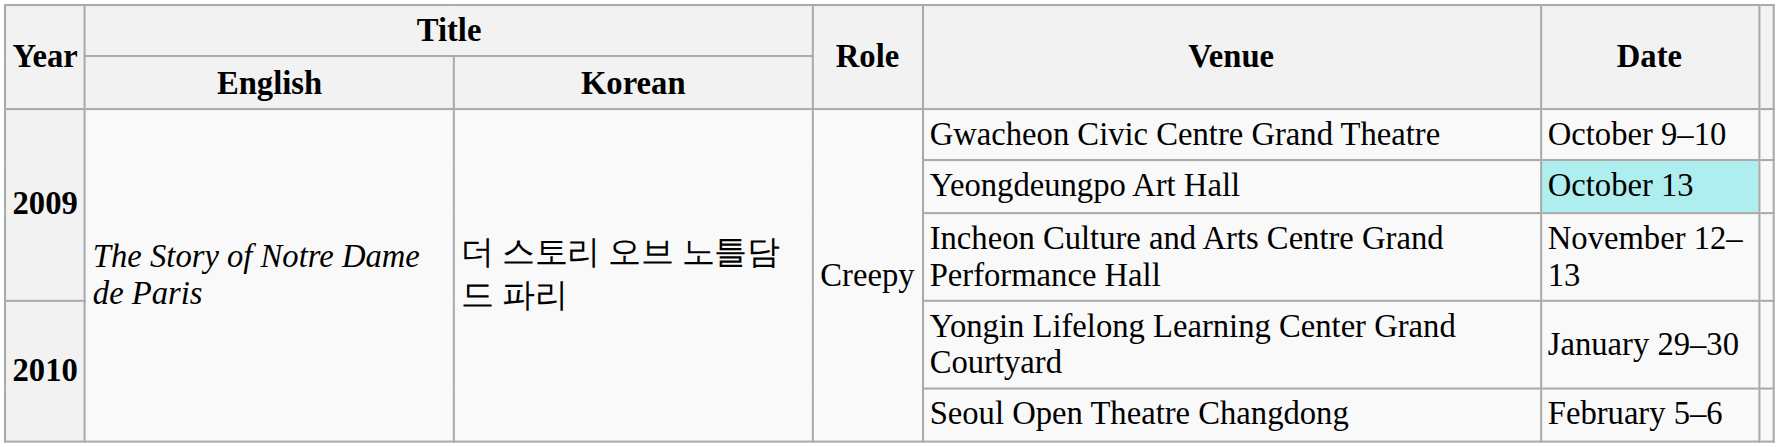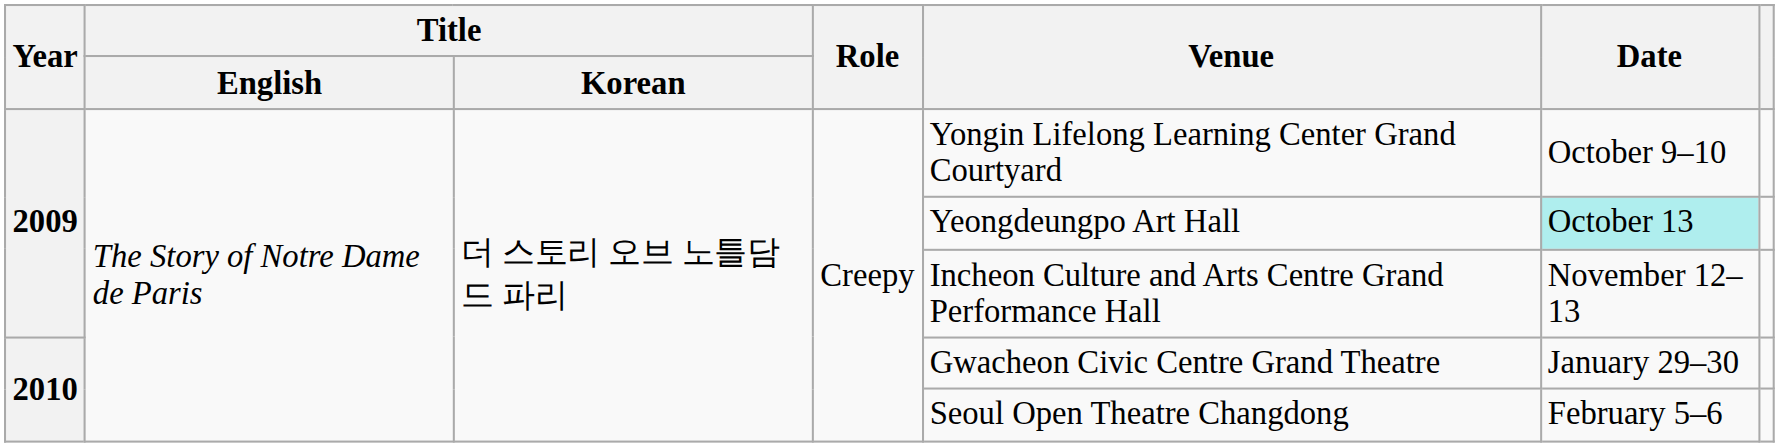 <table class="wikitable sortable plainrowheaders" style="text-align:left; font-size:100%;">
 <tr>
 <th rowspan="2" scope="col">Year</th>
 <th colspan="2" scope="col">Title</th>
 <th rowspan="2" scope="col">Role</th>
 <th rowspan="2" scope="col" class="unsortable">Venue</th>
 <th rowspan="2" scope="col">Date</th>
 <th rowspan="2" scope="col" class="unsortable"></th>
 </tr>
 <tr>
 <th>English</th>
 <th>Korean</th>
 </tr>
 <tr>
 <th rowspan="3" scope="row">2009</th>
 <td rowspan="5"><em>The Story of Notre Dame de Paris</em></td>
 <td rowspan="5">더 스토리 오브 노틀담 드 파리</td>
 <td rowspan="5">Creepy</td>
-<td>Gwacheon Civic Centre Grand Theatre</td>
+<td>Yongin Lifelong Learning Center Grand Courtyard</td>
 <td>October 9–10</td>
 <td></td>
 </tr>
 <tr>
 <td>Yeongdeungpo Art Hall</td>
 <td style="background: paleturquoise;">October 13</td>
 <td></td>
 </tr>
 <tr>
 <td>Incheon Culture and Arts Centre Grand Performance Hall</td>
 <td>November 12–13</td>
 <td></td>
 </tr>
 <tr>
 <th rowspan="2" scope="row">2010</th>
-<td>Yongin Lifelong Learning Center Grand Courtyard</td>
+<td>Gwacheon Civic Centre Grand Theatre</td>
 <td>January 29–30</td>
 <td></td>
 </tr>
 <tr>
 <td>Seoul Open Theatre Changdong</td>
 <td>February 5–6</td>
 <td></td>
 </tr>
 </table>
